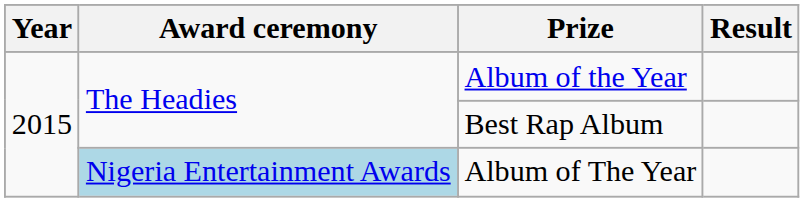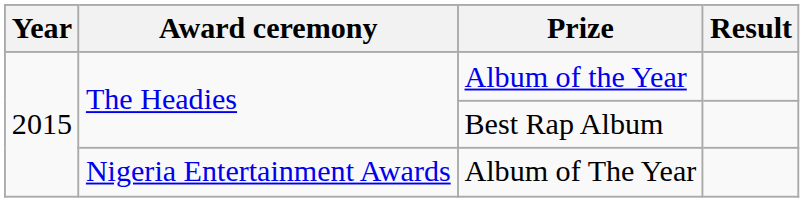 <table class ="wikitable">
 <tr>
 <th>Year</th>
 <th>Award ceremony</th>
 <th>Prize</th>
 <th>Result</th>
 </tr>
 <tr>
 <td rowspan="3">2015</td>
 <td rowspan="2"><a href='#'>The Headies</a></td>
 <td><a href='#'>Album of the Year</a></td>
 <td></td>
 </tr>
 <tr>
 <td>Best Rap Album</td>
 <td></td>
 </tr>
 <tr>
-<td style="background: lightblue;"><a href='#'>Nigeria Entertainment Awards</a></td>
+<td><a href='#'>Nigeria Entertainment Awards</a></td>
 <td>Album of The Year</td>
 <td></td>
 </tr>
 </table>
